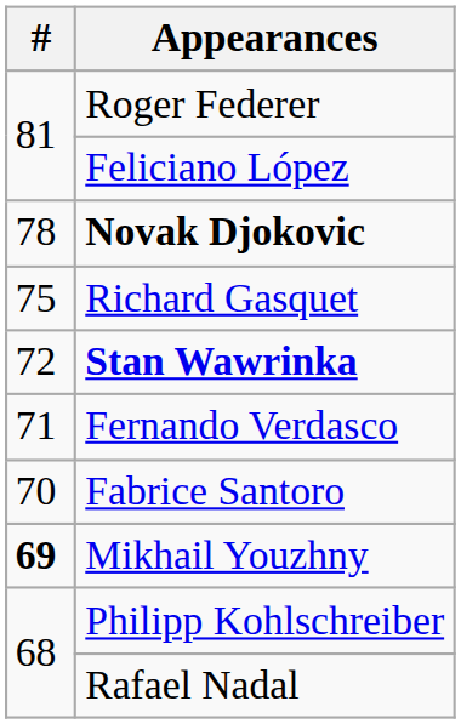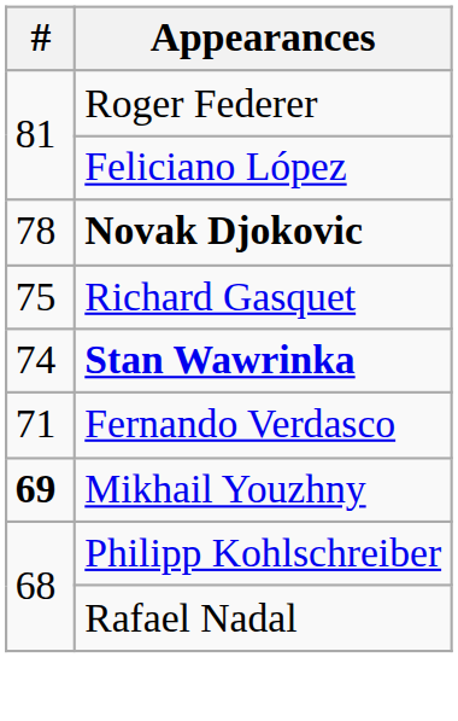 <table class="wikitable" style="display:inline-table;">
 <tr>
 <th width=20>#</th>
 <th>Appearances</th>
 </tr>
 <tr>
 <td rowspan="2">81</td>
 <td> Roger Federer</td>
 </tr>
 <tr>
 <td> <a href='#'>Feliciano López</a></td>
 </tr>
 <tr>
 <td>78</td>
 <td> <strong>Novak Djokovic</strong></td>
 </tr>
 <tr>
 <td>75</td>
 <td> <a href='#'>Richard Gasquet</a></td>
 </tr>
 <tr>
-<td>72</td>
+<td>74</td>
 <td> <strong><a href='#'>Stan Wawrinka</a></strong></td>
 </tr>
 <tr>
 <td>71</td>
 <td> <a href='#'>Fernando Verdasco</a></td>
-</tr>
-<tr>
-<td>70</td>
-<td> <a href='#'>Fabrice Santoro</a></td>
 </tr>
 <tr>
 <td><strong>69</strong></td>
 <td> <a href='#'>Mikhail Youzhny</a></td>
 </tr>
 <tr>
 <td rowspan="2">68</td>
 <td> <a href='#'>Philipp Kohlschreiber</a></td>
 </tr>
 <tr>
 <td> Rafael Nadal<br></td>
 </tr>
 </table>
